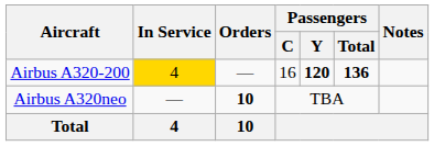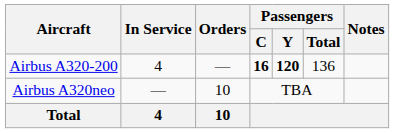 <table class="wikitable" style="text-align:center; margin:1em auto;">
 <tr>
 <th rowspan="2">Aircraft</th>
 <th rowspan="2">In Service</th>
 <th rowspan="2">Orders</th>
 <th colspan="3">Passengers</th>
 <th rowspan="2">Notes</th>
 </tr>
 <tr>
 <th><abbr>C</abbr></th>
 <th><abbr>Y</abbr></th>
 <th>Total</th>
 </tr>
 <tr>
 <td><a href='#'>Airbus A320-200</a></td>
-<td style="background: gold;">4</td>
+<td>4</td>
 <td>—</td>
-<td>16</td>
+<td><strong>16</strong></td>
 <td><strong>120</strong></td>
-<td><strong>136</strong></td>
+<td>136</td>
 <td></td>
 </tr>
 <tr>
 <td><a href='#'>Airbus A320neo</a></td>
 <td>—</td>
-<td><strong>10</strong></td>
+<td>10</td>
 <td colspan="3">TBA</td>
 <td></td>
 </tr>
 <tr>
 <th>Total</th>
 <th>4</th>
 <th>10</th>
 <th colspan=5></th>
 </tr>
 </table>
